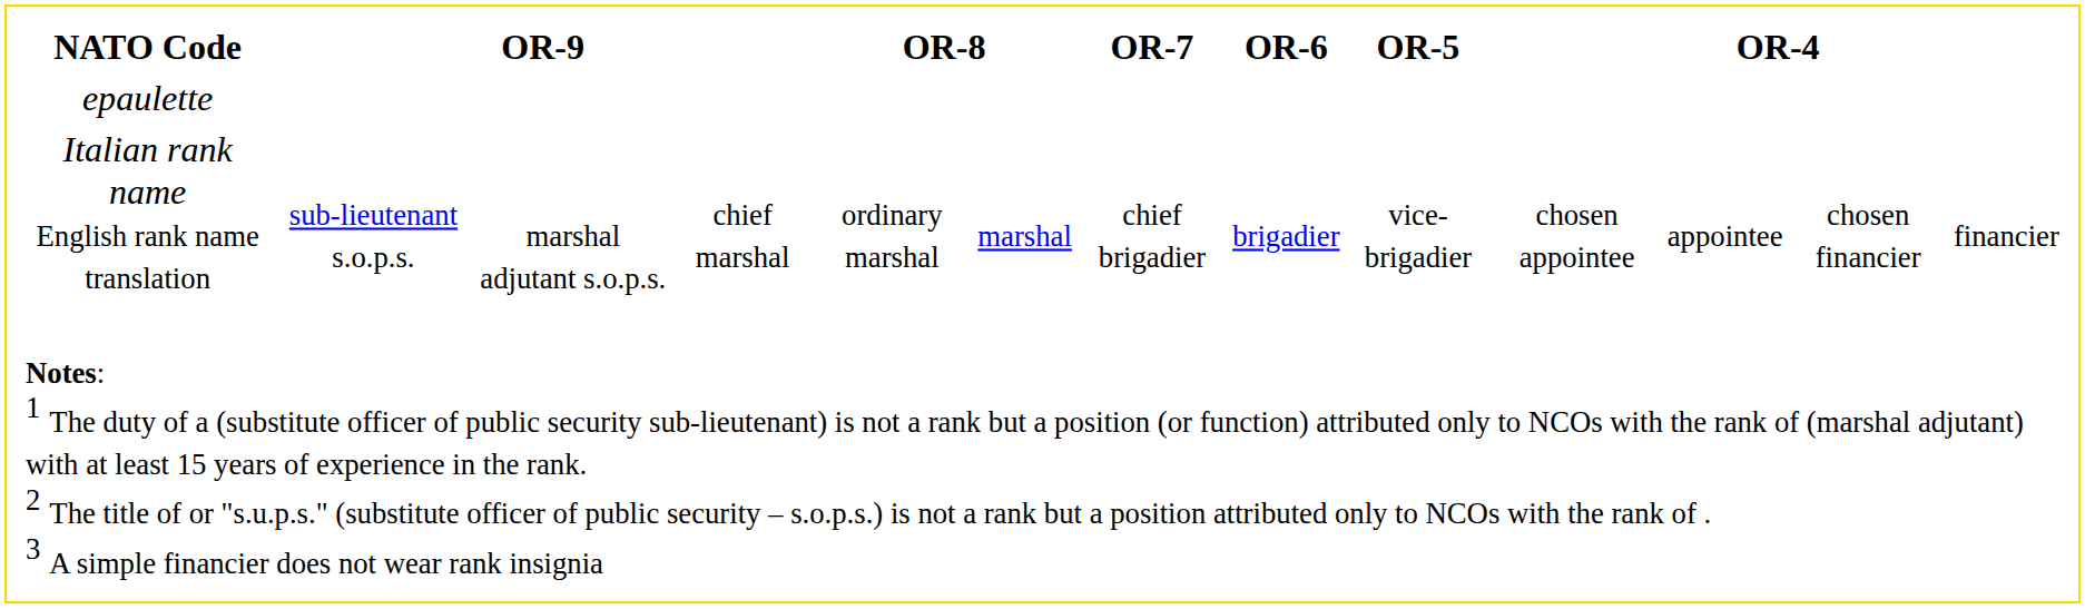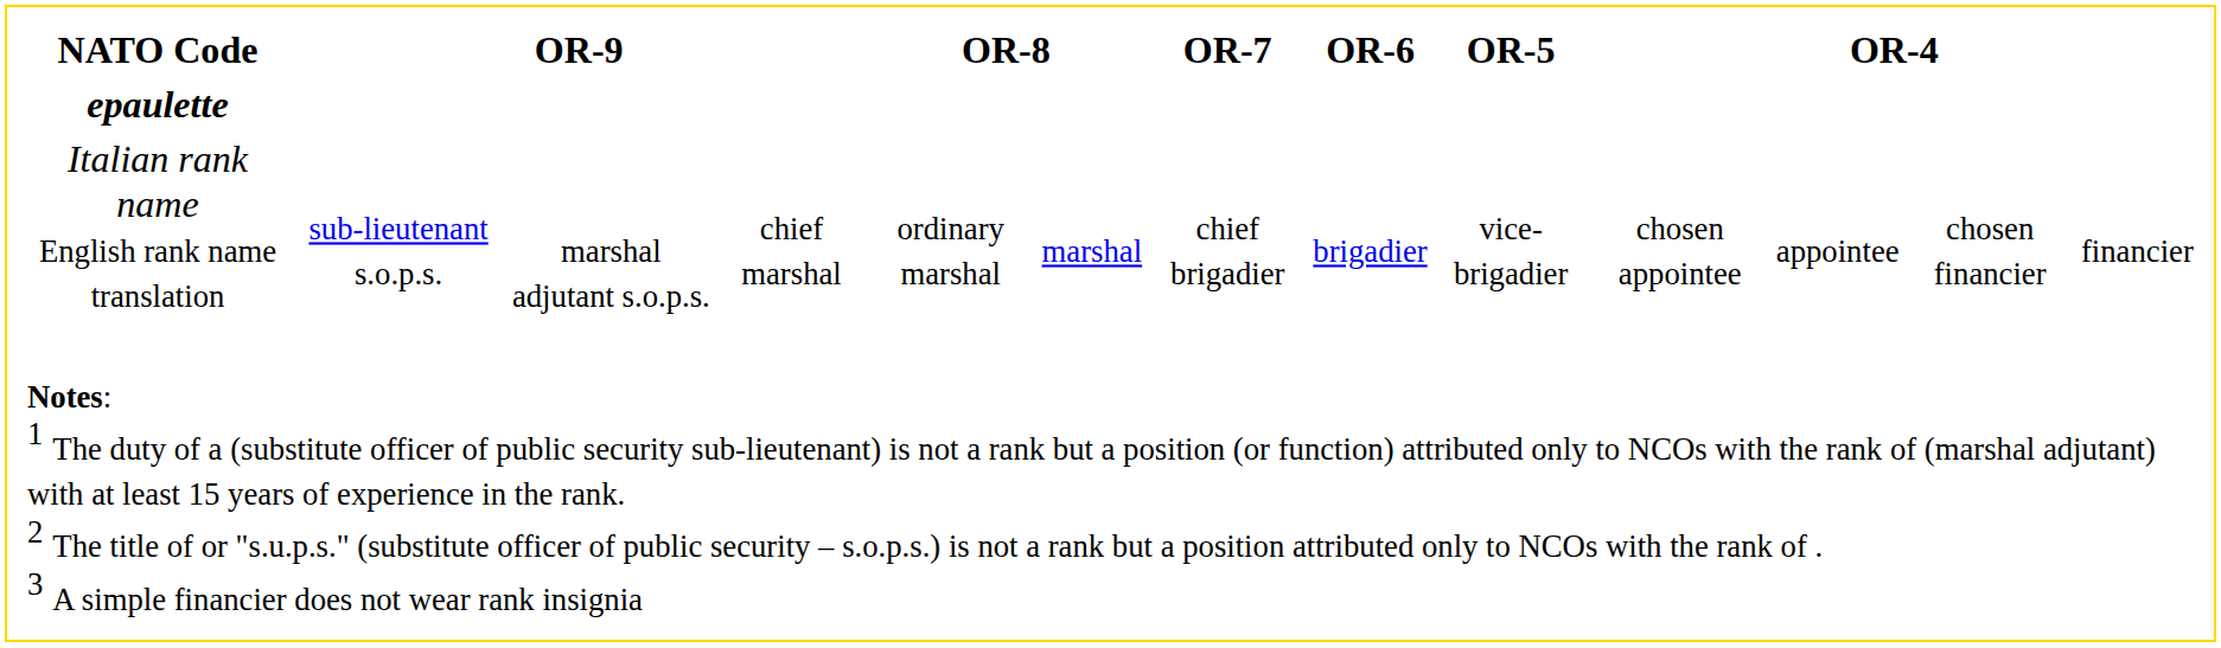 <table width="100%" style="border:1px solid #FFD700; background-color:#FFFFFF; padding:5px; font-size:95%; margin: 0px 12px 12px 0px;">
 <tr>
 <th>NATO Code</th>
 <th colspan=6>OR-9</th>
 <th colspan=4>OR-8</th>
 <th colspan=3>OR-7</th>
 <th colspan=3>OR-6</th>
 <th colspan=3>OR-5</th>
 <th colspan=4>OR-4</th>
 </tr>
 <tr>
-<td align="center"><em>epaulette</em></td>
+<td align="center"><strong><em>epaulette</em></strong></td>
 <td align="center" colspan=2></td>
 <td align="center" colspan=2></td>
 <td align="center" colspan=2></td>
 <td align="center" colspan=2></td>
 <td align="center" colspan=2></td>
 <td align="center" colspan=3></td>
 <td align="center" colspan=3></td>
 <td align="center" colspan=3></td>
 <td align="center" colspan=1></td>
 <td align="center" colspan=1></td>
 <td align="center" colspan=1></td>
 <td align="center" colspan=1></td>
 </tr>
 <tr>
 <td align="center"><em>Italian rank name</em><br><small>English rank name translation</small></td>
 <td align="center" colspan=2><br><small><a href='#'>sub-lieutenant</a> s.o.p.s.</small></td>
 <td align="center" colspan=2><br><small><br>marshal adjutant s.o.p.s.</small></td>
 <td align="center" colspan=2><br><small>chief marshal</small></td>
 <td align="center" colspan=2><br><small>ordinary marshal</small></td>
 <td align="center" colspan=2><br><small><a href='#'>marshal</a></small></td>
 <td align="center" colspan=3><br><small>chief brigadier</small></td>
 <td align="center" colspan=3><br><small><a href='#'>brigadier</a></small></td>
 <td align="center" colspan=3><br><small>vice-brigadier</small></td>
 <td align="center" colspan=1><br><small>chosen appointee<br></small></td>
 <td align="center" colspan=1><br><small>appointee</small></td>
 <td align="center" colspan=1><br><small>chosen financier</small></td>
 <td align="center" colspan=1><br><small>financier</small></td>
 </tr>
 <tr>
 <td colspan="30"><br><small><strong>Notes</strong>:<br></small> <sup>1</sup> <small>The duty of a  (substitute officer of public security sub-lieutenant) is not a rank but a position (or function) attributed only to NCOs with the rank of  (marshal adjutant) with at least 15 years of experience in the rank.</small><br><sup>2</sup> <small>The title of  or "s.u.p.s." (substitute officer of public security – s.o.p.s.) is not a rank but a position attributed only to NCOs with the rank of .</small><br><sup>3</sup> <small>A simple financier does not wear rank insignia</small></td>
 </tr>
 </table>
